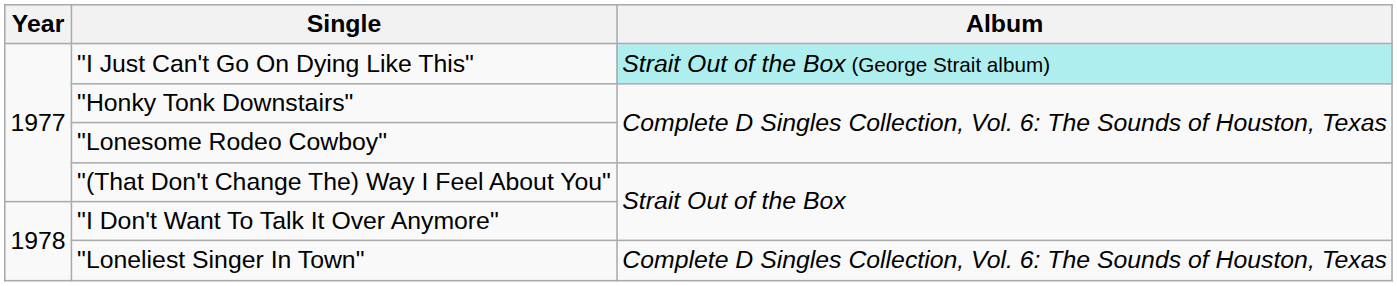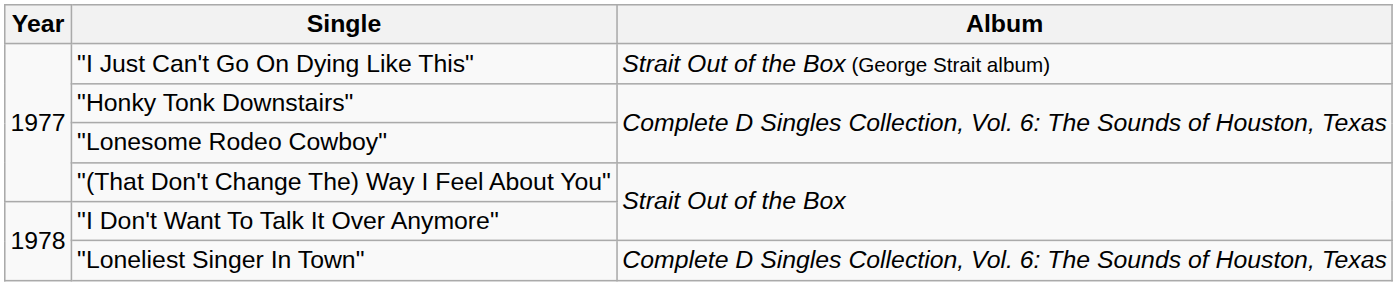 <table class="wikitable">
 <tr>
 <th>Year</th>
 <th>Single</th>
 <th>Album</th>
 </tr>
 <tr>
 <td rowspan="4">1977</td>
 <td>"I Just Can't Go On Dying Like This"</td>
-<td style="background: paleturquoise;"><em>Strait Out of the Box</em><small> (George Strait album)</small></td>
+<td><em>Strait Out of the Box</em><small> (George Strait album)</small></td>
 </tr>
 <tr>
 <td>"Honky Tonk Downstairs"</td>
 <td rowspan="2"><em>Complete D Singles Collection, Vol. 6: The Sounds of Houston, Texas</em></td>
 </tr>
 <tr>
 <td>"Lonesome Rodeo Cowboy"</td>
 </tr>
 <tr>
 <td>"(That Don't Change The) Way I Feel About You"</td>
 <td rowspan="2"><em>Strait Out of the Box</em></td>
 </tr>
 <tr>
 <td rowspan="2">1978</td>
 <td>"I Don't Want To Talk It Over Anymore"</td>
 </tr>
 <tr>
 <td>"Loneliest Singer In Town"</td>
 <td><em>Complete D Singles Collection, Vol. 6: The Sounds of Houston, Texas</em></td>
 </tr>
 </table>
